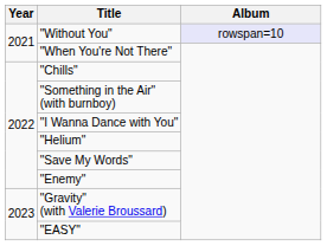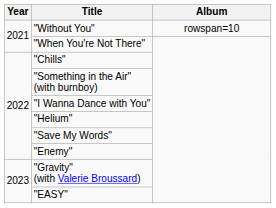 <table class="wikitable" style="text-align:center;">
 <tr>
 <th scope="col">Year</th>
 <th scope="col">Title</th>
 <th scope="col" width="180">Album</th>
 </tr>
 <tr>
 <td rowspan=2>2021</td>
 <td align="left">"Without You"</td>
-<td style="background: lavender;">rowspan=10 </td>
+<td>rowspan=10 </td>
 </tr>
 <tr>
 <td align="left">"When You're Not There"</td>
 </tr>
 <tr>
 <td rowspan=6>2022</td>
 <td align="left">"Chills"</td>
 </tr>
 <tr>
 <td align="left">"Something in the Air"<br><span>(with burnboy)</span></td>
 </tr>
 <tr>
 <td align="left">"I Wanna Dance with You"</td>
 </tr>
 <tr>
 <td align="left">"Helium"</td>
 </tr>
 <tr>
 <td align="left">"Save My Words"</td>
 </tr>
 <tr>
 <td align="left">"Enemy"</td>
 </tr>
 <tr>
 <td rowspan="2">2023</td>
 <td align="left">"Gravity"<br><span>(with <a href='#'>Valerie Broussard</a>)</span></td>
 </tr>
 <tr>
 <td align="left">"EASY"</td>
 </tr>
 </table>
